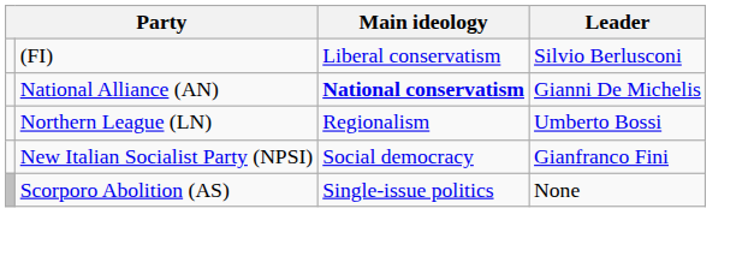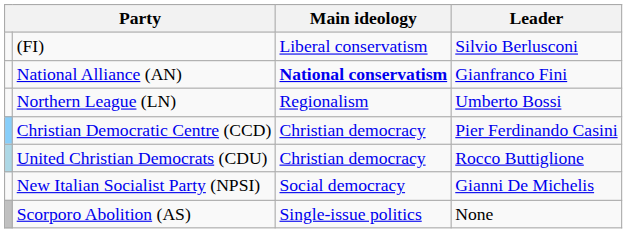 <table class=wikitable style=text-align:left>
 <tr>
 <th colspan=2>Party</th>
 <th>Main ideology</th>
 <th>Leader</th>
 </tr>
 <tr>
 <td></td>
 <td> (FI)</td>
 <td><a href='#'>Liberal conservatism</a></td>
 <td><a href='#'>Silvio Berlusconi</a></td>
 </tr>
 <tr>
 <td></td>
 <td><a href='#'>National Alliance</a> (AN)</td>
 <td><strong><a href='#'>National conservatism</a></strong></td>
-<td><a href='#'>Gianni De Michelis</a></td>
+<td><a href='#'>Gianfranco Fini</a></td>
 </tr>
 <tr>
 <td></td>
 <td><a href='#'>Northern League</a> (LN)</td>
 <td><a href='#'>Regionalism</a></td>
 <td><a href='#'>Umberto Bossi</a></td>
 </tr>
 <tr>
+<td bgcolor="lightskyblue"></td>
+<td><a href='#'>Christian Democratic Centre</a> (CCD)</td>
+<td><a href='#'>Christian democracy</a></td>
+<td><a href='#'>Pier Ferdinando Casini</a></td>
+</tr>
+<tr>
+<td bgcolor="lightblue"></td>
+<td><a href='#'>United Christian Democrats</a> (CDU)</td>
+<td><a href='#'>Christian democracy</a></td>
+<td><a href='#'>Rocco Buttiglione</a></td>
+</tr>
+<tr>
 <td></td>
 <td><a href='#'>New Italian Socialist Party</a> (NPSI)</td>
 <td><a href='#'>Social democracy</a></td>
-<td><a href='#'>Gianfranco Fini</a></td>
+<td><a href='#'>Gianni De Michelis</a></td>
 </tr>
 <tr>
 <td bgcolor="#c0c0c0"></td>
 <td><a href='#'>Scorporo Abolition</a> (AS)</td>
 <td><a href='#'>Single-issue politics</a></td>
 <td>None</td>
 </tr>
 </table>
